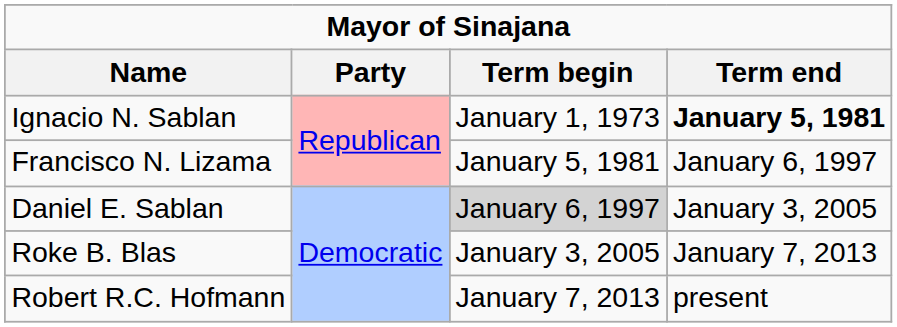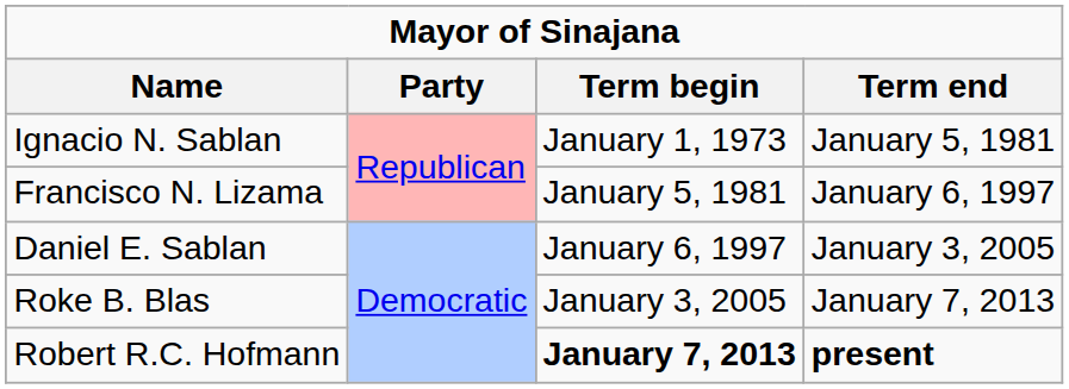 <table class="wikitable">
 <tr>
 <td colspan="4" align=center><strong>Mayor of Sinajana</strong></td>
 </tr>
 <tr>
 <th>Name</th>
 <th>Party</th>
 <th>Term begin</th>
 <th>Term end</th>
 </tr>
 <tr>
 <td>Ignacio N. Sablan</td>
 <td style="background-color: #FFB6B6"; rowspan="2"><a href='#'>Republican</a></td>
 <td>January 1, 1973</td>
-<td><strong>January 5, 1981</strong></td>
+<td>January 5, 1981</td>
 </tr>
 <tr>
 <td>Francisco N. Lizama</td>
 <td>January 5, 1981</td>
 <td>January 6, 1997</td>
 </tr>
 <tr>
 <td>Daniel E. Sablan</td>
 <td style="background-color: #B0CEFF"; rowspan="3"><a href='#'>Democratic</a></td>
-<td style="background: lightgrey;">January 6, 1997</td>
+<td>January 6, 1997</td>
 <td>January 3, 2005</td>
 </tr>
 <tr>
 <td>Roke B. Blas</td>
 <td>January 3, 2005</td>
 <td>January 7, 2013</td>
 </tr>
 <tr>
 <td>Robert R.C. Hofmann</td>
-<td>January 7, 2013</td>
-<td>present</td>
+<td><strong>January 7, 2013</strong></td>
+<td><strong>present</strong></td>
 </tr>
 </table>
